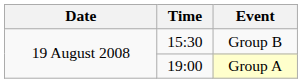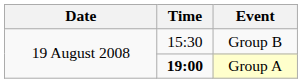 <table class = "wikitable" style="text-align:center;">
 <tr>
 <th width=150>Date</th>
 <th width=50>Time</th>
 <th width=80>Event</th>
 </tr>
 <tr>
 <td rowspan=2>19 August 2008</td>
 <td>15:30</td>
 <td>Group B</td>
 </tr>
 <tr>
-<td>19:00</td>
+<td><strong>19:00</strong></td>
 <td bgcolor=ffffcc>Group A</td>
 </tr>
 </table>
